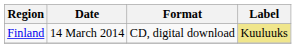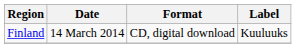 <table class=wikitable>
 <tr>
 <th>Region</th>
 <th>Date</th>
 <th>Format</th>
 <th>Label</th>
 </tr>
 <tr>
 <td><a href='#'>Finland</a></td>
 <td>14 March 2014</td>
 <td>CD, digital download</td>
-<td style="background: khaki;">Kuuluuks</td>
+<td>Kuuluuks</td>
 </tr>
 <tr>
 </tr>
 </table>
